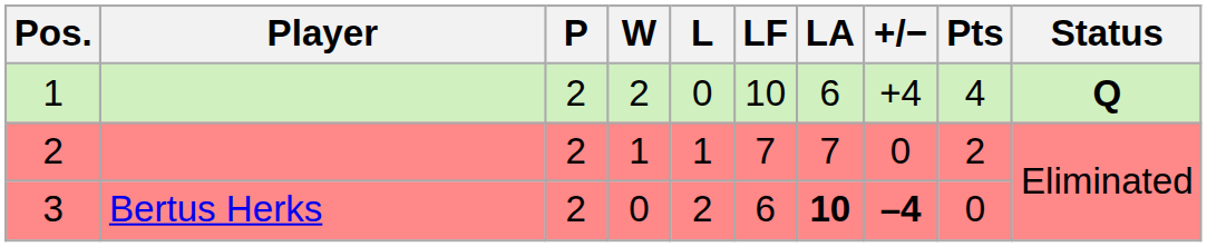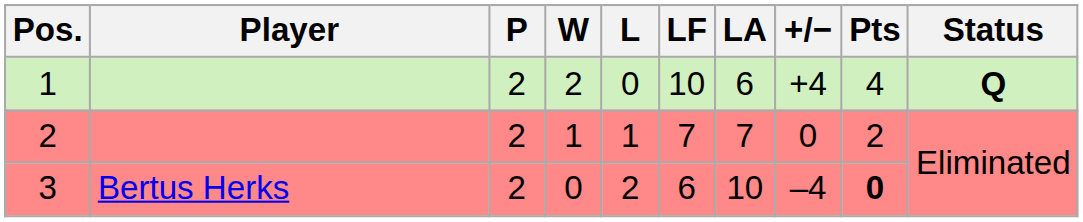 <table class="wikitable" style="text-align:center; margin: 1em auto 1em auto, align:left">
 <tr>
 <th width=20>Pos.</th>
 <th width=185>Player</th>
 <th width=20>P</th>
 <th width=20>W</th>
 <th width=20>L</th>
 <th width=20>LF</th>
 <th width=20>LA</th>
 <th width=25>+/−</th>
 <th width=20>Pts</th>
 <th width=70>Status</th>
 </tr>
 <tr style="background:#D0F0C0;">
 <td>1</td>
 <td align=left></td>
 <td>2</td>
 <td>2</td>
 <td>0</td>
 <td>10</td>
 <td>6</td>
 <td>+4</td>
 <td>4</td>
 <td><strong>Q</strong></td>
 </tr>
 <tr style="background:#FF8888;">
 <td>2</td>
 <td align=left></td>
 <td>2</td>
 <td>1</td>
 <td>1</td>
 <td>7</td>
 <td>7</td>
 <td>0</td>
 <td>2</td>
 <td rowspan=2>Eliminated</td>
 </tr>
 <tr style="background:#FF8888;">
 <td>3</td>
 <td align=left> <a href='#'>Bertus Herks</a></td>
 <td>2</td>
 <td>0</td>
 <td>2</td>
 <td>6</td>
-<td><strong>10</strong></td>
-<td><strong>–4</strong></td>
-<td>0</td>
+<td>10</td>
+<td>–4</td>
+<td><strong>0</strong></td>
 </tr>
 </table>
